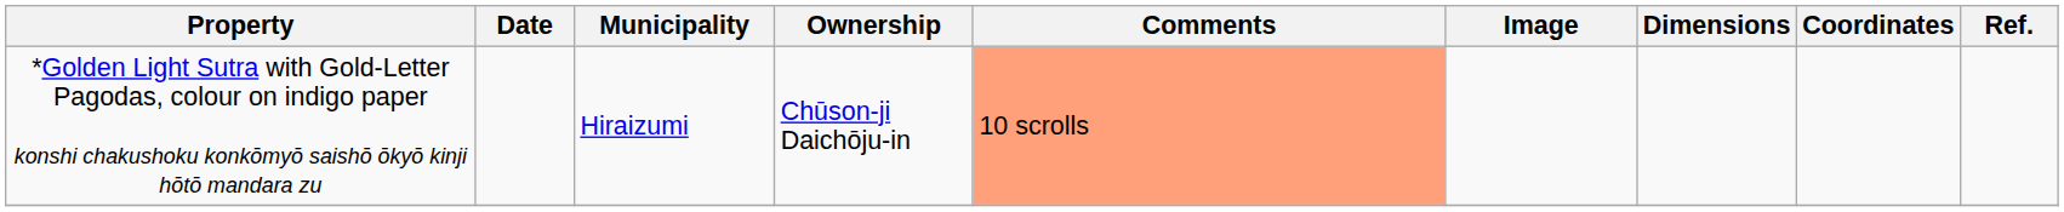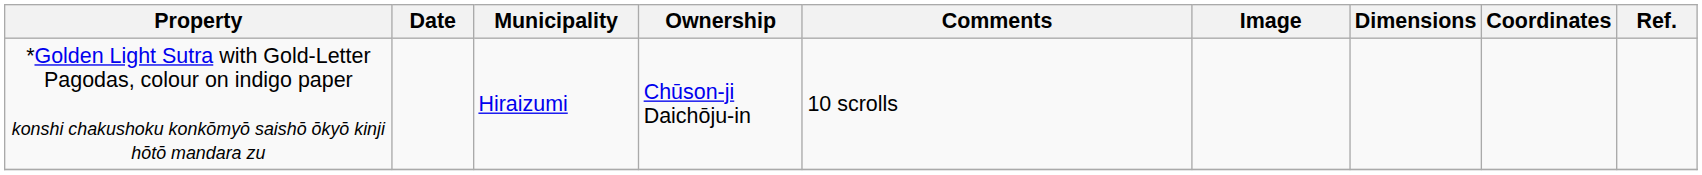 <table class="wikitable sortable"  style="width:100%;">
 <tr>
 <th width="25%" align="left">Property</th>
 <th width="5%" align="left">Date</th>
 <th width="10%" align="left">Municipality</th>
 <th width="10%" align="left">Ownership</th>
 <th width="25%" align="left" class="unsortable">Comments</th>
 <th width="10%" align="left" class="unsortable">Image</th>
 <th width="5%" align="left" class="unsortable">Dimensions</th>
 <th width="5%" align="left" class="unsortable">Coordinates</th>
 <th width="5%" align="left" class="unsortable">Ref.</th>
 </tr>
 <tr>
 <td align="center">*<a href='#'>Golden Light Sutra</a> with Gold-Letter Pagodas, colour on indigo paper<br><br><small><em>konshi chakushoku konkōmyō saishō ōkyō kinji hōtō mandara zu</em></small></td>
 <td></td>
 <td><a href='#'>Hiraizumi</a></td>
 <td><a href='#'>Chūson-ji</a> Daichōju-in</td>
-<td style="background: lightsalmon;">10 scrolls</td>
+<td>10 scrolls</td>
 <td></td>
 <td></td>
 <td></td>
 <td></td>
 </tr>
 <tr>
 </tr>
 </table>
